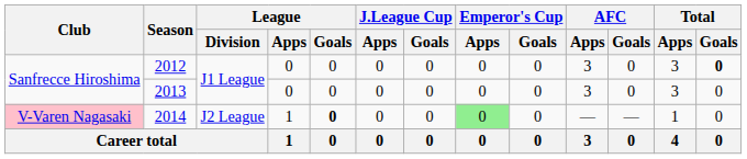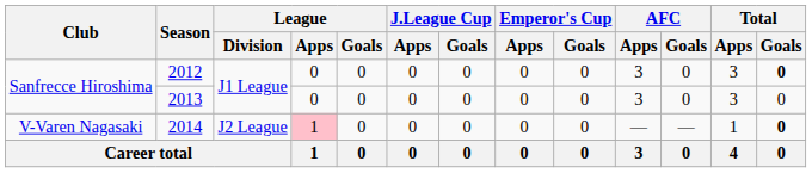 <table class="wikitable" style="text-align: center;">
 <tr>
 <th rowspan="2">Club</th>
 <th rowspan="2">Season</th>
 <th colspan="3">League</th>
 <th colspan="2"><a href='#'>J.League Cup</a></th>
 <th colspan="2"><a href='#'>Emperor's Cup</a></th>
 <th colspan="2"><a href='#'>AFC</a></th>
 <th colspan="2">Total</th>
 </tr>
 <tr>
 <th>Division</th>
 <th>Apps</th>
 <th>Goals</th>
 <th>Apps</th>
 <th>Goals</th>
 <th>Apps</th>
 <th>Goals</th>
 <th>Apps</th>
 <th>Goals</th>
 <th>Apps</th>
 <th>Goals</th>
 </tr>
 <tr>
 <td rowspan="2"><a href='#'>Sanfrecce Hiroshima</a></td>
 <td><a href='#'>2012</a></td>
 <td rowspan="2"><a href='#'>J1 League</a></td>
 <td>0</td>
 <td>0</td>
 <td>0</td>
 <td>0</td>
 <td>0</td>
 <td>0</td>
 <td>3</td>
 <td>0</td>
 <td>3</td>
 <td><strong>0</strong></td>
 </tr>
 <tr>
 <td><a href='#'>2013</a></td>
 <td>0</td>
 <td>0</td>
 <td>0</td>
 <td>0</td>
 <td>0</td>
 <td>0</td>
 <td>3</td>
 <td>0</td>
 <td>3</td>
 <td>0</td>
 </tr>
 <tr>
-<td rowspan="1" style="background: pink;"><a href='#'>V-Varen Nagasaki</a></td>
+<td rowspan="1"><a href='#'>V-Varen Nagasaki</a></td>
 <td><a href='#'>2014</a></td>
 <td><a href='#'>J2 League</a></td>
-<td>1</td>
-<td><strong>0</strong></td>
+<td style="background: pink;">1</td>
 <td>0</td>
 <td>0</td>
-<td style="background: lightgreen;">0</td>
+<td>0</td>
+<td>0</td>
 <td>0</td>
 <td>—</td>
 <td>—</td>
 <td>1</td>
-<td>0</td>
+<td><strong>0</strong></td>
 </tr>
 <tr>
 <th colspan="3">Career total</th>
 <th>1</th>
 <th>0</th>
 <th>0</th>
 <th>0</th>
 <th>0</th>
 <th>0</th>
 <th>3</th>
 <th>0</th>
 <th>4</th>
 <th>0</th>
 </tr>
 </table>
